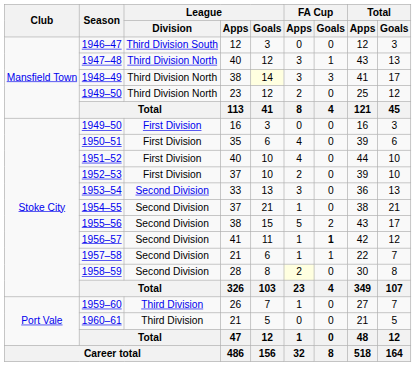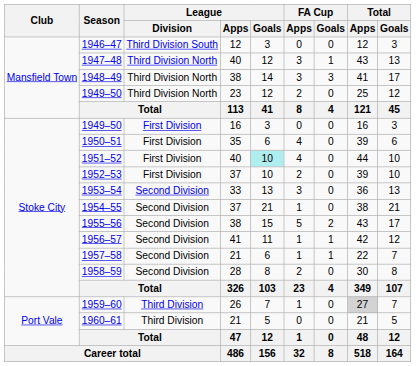 <table class="wikitable" style="text-align: center;">
 <tr>
 <th rowspan="2">Club</th>
 <th rowspan="2">Season</th>
 <th colspan="3">League</th>
 <th colspan="2">FA Cup</th>
 <th colspan="2">Total</th>
 </tr>
 <tr>
 <th>Division</th>
 <th>Apps</th>
 <th>Goals</th>
 <th>Apps</th>
 <th>Goals</th>
 <th>Apps</th>
 <th>Goals</th>
 </tr>
 <tr>
 <td rowspan="5"><a href='#'>Mansfield Town</a></td>
 <td><a href='#'>1946–47</a></td>
 <td><a href='#'>Third Division South</a></td>
 <td>12</td>
 <td>3</td>
 <td>0</td>
 <td>0</td>
 <td>12</td>
 <td>3</td>
 </tr>
 <tr>
 <td><a href='#'>1947–48</a></td>
 <td><a href='#'>Third Division North</a></td>
 <td>40</td>
 <td>12</td>
 <td>3</td>
 <td>1</td>
 <td>43</td>
 <td>13</td>
 </tr>
 <tr>
 <td><a href='#'>1948–49</a></td>
 <td>Third Division North</td>
 <td>38</td>
-<td style="background: lightyellow;">14</td>
+<td>14</td>
 <td>3</td>
 <td>3</td>
 <td>41</td>
 <td>17</td>
 </tr>
 <tr>
 <td><a href='#'>1949–50</a></td>
 <td>Third Division North</td>
 <td>23</td>
 <td>12</td>
 <td>2</td>
 <td>0</td>
 <td>25</td>
 <td>12</td>
 </tr>
 <tr>
 <th colspan="2">Total</th>
 <th>113</th>
 <th>41</th>
 <th>8</th>
 <th>4</th>
 <th>121</th>
 <th>45</th>
 </tr>
 <tr>
 <td rowspan="11"><a href='#'>Stoke City</a></td>
 <td><a href='#'>1949–50</a></td>
 <td><a href='#'>First Division</a></td>
 <td>16</td>
 <td>3</td>
 <td>0</td>
 <td>0</td>
 <td>16</td>
 <td>3</td>
 </tr>
 <tr>
 <td><a href='#'>1950–51</a></td>
 <td>First Division</td>
 <td>35</td>
 <td>6</td>
 <td>4</td>
 <td>0</td>
 <td>39</td>
 <td>6</td>
 </tr>
 <tr>
 <td><a href='#'>1951–52</a></td>
 <td>First Division</td>
 <td>40</td>
-<td>10</td>
+<td style="background: paleturquoise;">10</td>
 <td>4</td>
 <td>0</td>
 <td>44</td>
 <td>10</td>
 </tr>
 <tr>
 <td><a href='#'>1952–53</a></td>
 <td>First Division</td>
 <td>37</td>
 <td>10</td>
 <td>2</td>
 <td>0</td>
 <td>39</td>
 <td>10</td>
 </tr>
 <tr>
 <td><a href='#'>1953–54</a></td>
 <td><a href='#'>Second Division</a></td>
 <td>33</td>
 <td>13</td>
 <td>3</td>
 <td>0</td>
 <td>36</td>
 <td>13</td>
 </tr>
 <tr>
 <td><a href='#'>1954–55</a></td>
 <td>Second Division</td>
 <td>37</td>
 <td>21</td>
 <td>1</td>
 <td>0</td>
 <td>38</td>
 <td>21</td>
 </tr>
 <tr>
 <td><a href='#'>1955–56</a></td>
 <td>Second Division</td>
 <td>38</td>
 <td>15</td>
 <td>5</td>
 <td>2</td>
 <td>43</td>
 <td>17</td>
 </tr>
 <tr>
 <td><a href='#'>1956–57</a></td>
 <td>Second Division</td>
 <td>41</td>
 <td>11</td>
 <td>1</td>
-<td><strong>1</strong></td>
+<td>1</td>
 <td>42</td>
 <td>12</td>
 </tr>
 <tr>
 <td><a href='#'>1957–58</a></td>
 <td>Second Division</td>
 <td>21</td>
 <td>6</td>
 <td>1</td>
 <td>1</td>
 <td>22</td>
 <td>7</td>
 </tr>
 <tr>
 <td><a href='#'>1958–59</a></td>
 <td>Second Division</td>
 <td>28</td>
 <td>8</td>
-<td style="background: lightyellow;">2</td>
+<td>2</td>
 <td>0</td>
 <td>30</td>
 <td>8</td>
 </tr>
 <tr>
 <th colspan="2">Total</th>
 <th>326</th>
 <th>103</th>
 <th>23</th>
 <th>4</th>
 <th>349</th>
 <th>107</th>
 </tr>
 <tr>
 <td rowspan="3"><a href='#'>Port Vale</a></td>
 <td><a href='#'>1959–60</a></td>
 <td><a href='#'>Third Division</a></td>
 <td>26</td>
 <td>7</td>
 <td>1</td>
 <td>0</td>
-<td>27</td>
+<td style="background: lightgrey;">27</td>
 <td>7</td>
 </tr>
 <tr>
 <td><a href='#'>1960–61</a></td>
 <td>Third Division</td>
 <td>21</td>
 <td>5</td>
 <td>0</td>
 <td>0</td>
 <td>21</td>
 <td>5</td>
 </tr>
 <tr>
 <th colspan="2">Total</th>
 <th>47</th>
 <th>12</th>
 <th>1</th>
 <th>0</th>
 <th>48</th>
 <th>12</th>
 </tr>
 <tr>
 <th colspan="3">Career total</th>
 <th>486</th>
 <th>156</th>
 <th>32</th>
 <th>8</th>
 <th>518</th>
 <th>164</th>
 </tr>
 </table>
